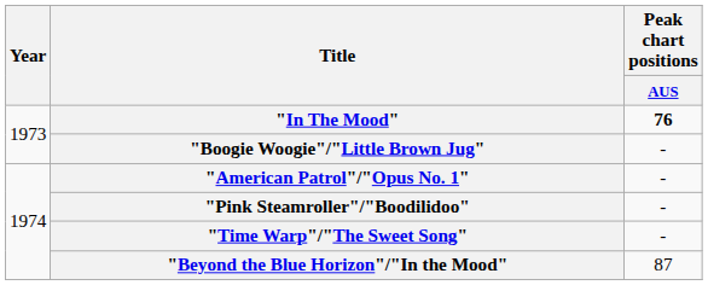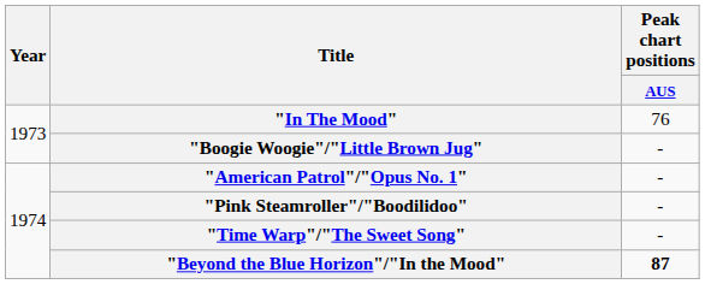 <table class="wikitable plainrowheaders" style="text-align:center;" border="1">
 <tr>
 <th scope="col" rowspan="2">Year</th>
 <th scope="col" rowspan="2" style="width:32em;">Title</th>
 <th scope="col" colspan="1">Peak chart<br>positions</th>
 </tr>
 <tr>
 <th scope="col" style="text-align:center;"><small><a href='#'>AUS</a></small><br></th>
 </tr>
 <tr>
 <td rowspan="2">1973</td>
 <th scope="row">"<a href='#'>In The Mood</a>"</th>
-<td style="text-align:center;"><strong>76</strong></td>
+<td style="text-align:center;">76</td>
 </tr>
 <tr>
 <th scope="row">"Boogie Woogie"/"<a href='#'>Little Brown Jug</a>"</th>
 <td style="text-align:center;">-</td>
 </tr>
 <tr>
 <td rowspan="4">1974</td>
 <th scope="row">"<a href='#'>American Patrol</a>"/"<a href='#'>Opus No. 1</a>"</th>
 <td style="text-align:center;">-</td>
 </tr>
 <tr>
 <th scope="row">"Pink Steamroller"/"Boodilidoo"</th>
 <td style="text-align:center;">-</td>
 </tr>
 <tr>
 <th scope="row">"<a href='#'>Time Warp</a>"/"<a href='#'>The Sweet Song</a>"</th>
 <td style="text-align:center;">-</td>
 </tr>
 <tr>
 <th scope="row">"<a href='#'>Beyond the Blue Horizon</a>"/"In the Mood"</th>
-<td style="text-align:center;">87</td>
+<td style="text-align:center;"><strong>87</strong></td>
 </tr>
 </table>
